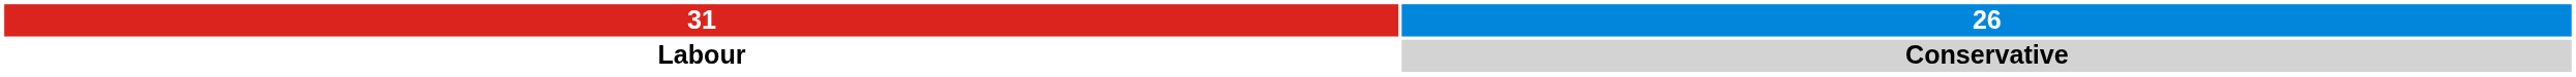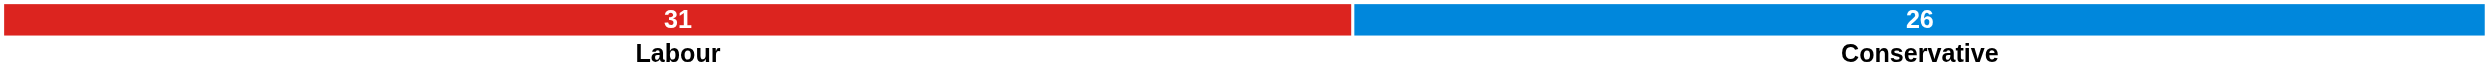 <table style="width:100%; text-align:center;">
 <tr style="color:white;">
 <td style="background:#dc241f;; width:54.4;"><strong>31</strong></td>
 <td style="background:#0087dc; width:45.6%;"><strong>26</strong></td>
 </tr>
 <tr>
 <td><span><strong>Labour</strong></span></td>
-<td style="background: lightgrey;"><span><strong>Conservative</strong></span></td>
+<td><span><strong>Conservative</strong></span></td>
 </tr>
 </table>
